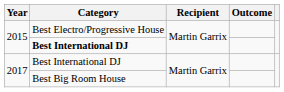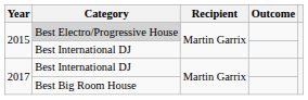 <table class="wikitable plainrowheaders sortable">
 <tr>
 <th scope="col">Year</th>
 <th scope="col">Category</th>
 <th scope="col">Recipient</th>
 <th scope="col">Outcome</th>
 <th scope="col" class="unsortable"></th>
 </tr>
 <tr>
 <td rowspan="2">2015</td>
-<td>Best Electro/Progressive House</td>
+<td style="background: lightgrey;">Best Electro/Progressive House</td>
 <td rowspan="2">Martin Garrix</td>
 <td></td>
 <td style="text-align:center;" rowspan="2"></td>
 </tr>
 <tr>
-<td><strong>Best International DJ</strong></td>
+<td>Best International DJ</td>
 <td></td>
 </tr>
 <tr>
 <td rowspan="2">2017</td>
 <td>Best International DJ</td>
 <td rowspan="2">Martin Garrix</td>
 <td></td>
 <td style="text-align:center;" rowspan="2"></td>
 </tr>
 <tr>
 <td>Best Big Room House</td>
 <td></td>
 </tr>
 </table>
